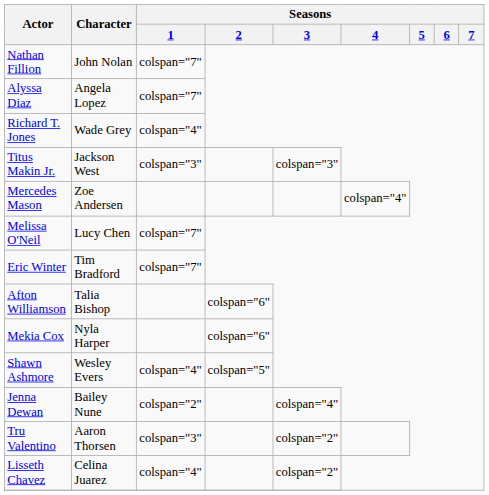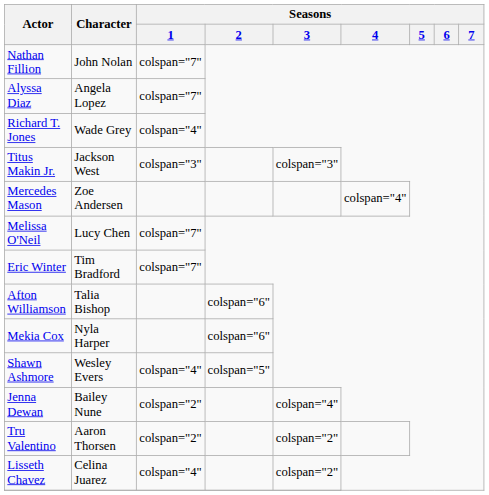 <table class="wikitable">
 <tr>
 <th rowspan="2" scope="col" style="width:15%;">Actor</th>
 <th rowspan="2" scope="col" style="width:15%;">Character</th>
 <th scope="col" colspan="7">Seasons</th>
 </tr>
 <tr>
 <th scope="col" style="width:10%;"><a href='#'>1</a></th>
 <th scope="col" style="width:10%;"><a href='#'>2</a></th>
 <th scope="col" style="width:10%;"><a href='#'>3</a></th>
 <th scope="col" style="width:10%;"><a href='#'>4</a></th>
 <th scope="col" style="width:10%;"><a href='#'>5</a></th>
 <th scope="col" style="width:10%;"><a href='#'>6</a></th>
 <th scope="col" style="width:10%;"><a href='#'>7</a></th>
 </tr>
 <tr>
 <td><a href='#'>Nathan Fillion</a></td>
 <td>John Nolan</td>
 <td>colspan="7" </td>
 </tr>
 <tr>
 <td><a href='#'>Alyssa Diaz</a></td>
 <td>Angela Lopez</td>
 <td>colspan="7" </td>
 </tr>
 <tr>
 <td><a href='#'>Richard T. Jones</a></td>
 <td>Wade Grey</td>
 <td>colspan="4" </td>
 </tr>
 <tr>
 <td><a href='#'>Titus Makin Jr.</a></td>
 <td>Jackson West</td>
 <td>colspan="3" </td>
 <td></td>
 <td>colspan="3" </td>
 </tr>
 <tr>
 <td><a href='#'>Mercedes Mason</a></td>
 <td>Zoe Andersen</td>
 <td></td>
 <td></td>
 <td></td>
 <td>colspan="4" </td>
 </tr>
 <tr>
 <td><a href='#'>Melissa O'Neil</a></td>
 <td>Lucy Chen</td>
 <td>colspan="7" </td>
 </tr>
 <tr>
 <td><a href='#'>Eric Winter</a></td>
 <td>Tim Bradford</td>
 <td>colspan="7" </td>
 </tr>
 <tr>
 <td><a href='#'>Afton Williamson</a></td>
 <td>Talia Bishop</td>
 <td></td>
 <td>colspan="6" </td>
 </tr>
 <tr>
 <td><a href='#'>Mekia Cox</a></td>
 <td>Nyla Harper</td>
 <td></td>
 <td>colspan="6" </td>
 </tr>
 <tr>
 <td><a href='#'>Shawn Ashmore</a></td>
 <td>Wesley Evers</td>
 <td>colspan="4" </td>
 <td>colspan="5" </td>
 </tr>
 <tr>
 <td><a href='#'>Jenna Dewan</a></td>
 <td>Bailey Nune</td>
 <td>colspan="2" </td>
 <td></td>
 <td>colspan="4" </td>
 </tr>
 <tr>
 <td><a href='#'>Tru Valentino</a></td>
 <td>Aaron Thorsen</td>
-<td>colspan="3" </td>
+<td>colspan="2" </td>
 <td></td>
 <td>colspan="2" </td>
 <td></td>
 </tr>
 <tr>
 <td><a href='#'>Lisseth Chavez</a></td>
 <td>Celina Juarez</td>
 <td>colspan="4" </td>
 <td></td>
 <td>colspan="2" </td>
 </tr>
 <tr>
 </tr>
 </table>
